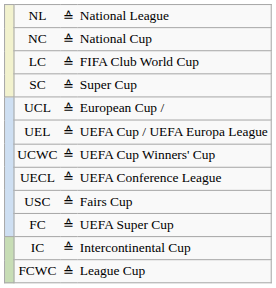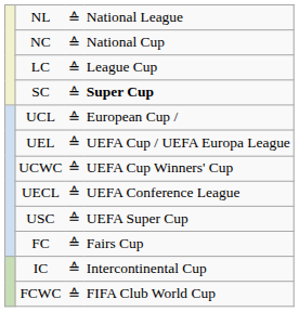 <table class="wikitable" style="text-align:center; margin-right:50px; font-size:80%">
 <tr>
 <td rowspan=4 width="3px" bgcolor="#f2f2ce"></td>
 <td style="border-right-style:hidden;">NL</td>
 <td style="border-right-style:hidden;">≙</td>
 <td style="text-align:left;">National League</td>
 </tr>
 <tr>
 <td style="border-right-style:hidden;">NC</td>
 <td style="border-right-style:hidden;">≙</td>
 <td style="text-align:left;">National Cup</td>
 </tr>
 <tr>
 <td style="border-right-style:hidden;">LC</td>
 <td style="border-right-style:hidden;">≙</td>
-<td style="text-align:left;">FIFA Club World Cup</td>
+<td style="text-align:left;">League Cup</td>
 </tr>
 <tr>
 <td style="border-right-style:hidden;">SC</td>
 <td style="border-right-style:hidden;">≙</td>
-<td style="text-align:left;">Super Cup</td>
+<td style="text-align:left;"><strong>Super Cup</strong></td>
 </tr>
 <tr>
 <td rowspan=6 width="3px" bgcolor="#cedff2"></td>
 <td style="border-right-style:hidden;">UCL</td>
 <td style="border-right-style:hidden;">≙</td>
 <td style="text-align:left;">European Cup / </td>
 </tr>
 <tr>
 <td style="border-right-style:hidden;">UEL</td>
 <td style="border-right-style:hidden;">≙</td>
 <td style="text-align:left;">UEFA Cup / UEFA Europa League</td>
 </tr>
 <tr>
 <td style="border-right-style:hidden;">UCWC</td>
 <td style="border-right-style:hidden;">≙</td>
 <td style="text-align:left;">UEFA Cup Winners' Cup</td>
 </tr>
 <tr>
 <td style="border-right-style:hidden;">UECL</td>
 <td style="border-right-style:hidden;">≙</td>
 <td style="text-align:left;">UEFA Conference League</td>
 </tr>
 <tr>
 <td style="border-right-style:hidden;">USC</td>
 <td style="border-right-style:hidden;">≙</td>
-<td style="text-align:left;">Fairs Cup</td>
+<td style="text-align:left;">UEFA Super Cup</td>
 </tr>
 <tr>
 <td style="border-right-style:hidden;">FC</td>
 <td style="border-right-style:hidden;">≙</td>
-<td style="text-align:left;">UEFA Super Cup</td>
+<td style="text-align:left;">Fairs Cup</td>
 </tr>
 <tr>
 <td rowspan=5 width="3px" bgcolor="#c7ddb5"></td>
 <td style="border-right-style:hidden;">IC</td>
 <td style="border-right-style:hidden;">≙</td>
 <td style="text-align:left;">Intercontinental Cup</td>
 </tr>
 <tr>
 <td style="border-right-style:hidden;">FCWC</td>
 <td style="border-right-style:hidden;">≙</td>
-<td style="text-align:left;">League Cup</td>
+<td style="text-align:left;">FIFA Club World Cup</td>
 </tr>
 </table>
